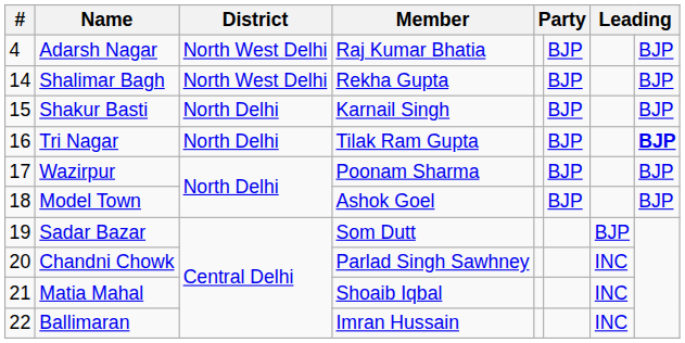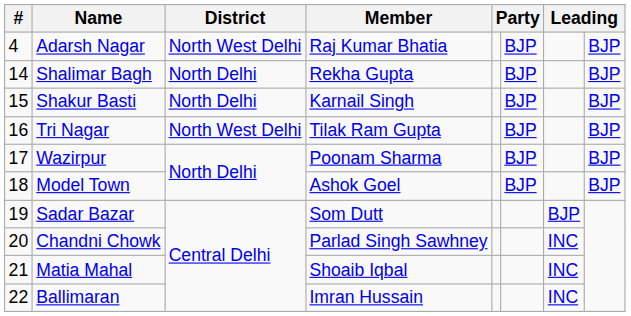 <table class="wikitable">
 <tr>
 <th>#</th>
 <th>Name</th>
 <th>District</th>
 <th>Member</th>
 <th colspan="2">Party</th>
 <th colspan="2">Leading<br></th>
 </tr>
 <tr>
 <td>4</td>
 <td><a href='#'>Adarsh Nagar</a></td>
 <td><a href='#'>North West Delhi</a></td>
 <td><a href='#'>Raj Kumar Bhatia</a></td>
 <td style="background-color:"></td>
 <td><a href='#'>BJP</a></td>
 <td style="background-color:"></td>
 <td><a href='#'>BJP</a></td>
 </tr>
 <tr>
 <td>14</td>
 <td><a href='#'>Shalimar Bagh</a></td>
-<td><a href='#'>North West Delhi</a></td>
+<td><a href='#'>North Delhi</a></td>
 <td><a href='#'>Rekha Gupta</a></td>
 <td style="background-color:"></td>
 <td><a href='#'>BJP</a></td>
 <td style="background-color:"></td>
 <td><a href='#'>BJP</a></td>
 </tr>
 <tr>
 <td>15</td>
 <td><a href='#'>Shakur Basti</a></td>
 <td><a href='#'>North Delhi</a></td>
 <td><a href='#'>Karnail Singh</a></td>
 <td style="background-color:"></td>
 <td><a href='#'>BJP</a></td>
 <td style="background-color:"></td>
 <td><a href='#'>BJP</a></td>
 </tr>
 <tr>
 <td>16</td>
 <td><a href='#'>Tri Nagar</a></td>
-<td><a href='#'>North Delhi</a></td>
+<td><a href='#'>North West Delhi</a></td>
 <td><a href='#'>Tilak Ram Gupta</a></td>
 <td style="background-color:"></td>
 <td><a href='#'>BJP</a></td>
 <td style="background-color:"></td>
-<td><strong><a href='#'>BJP</a></strong></td>
+<td><a href='#'>BJP</a></td>
 </tr>
 <tr>
 <td>17</td>
 <td><a href='#'>Wazirpur</a></td>
 <td rowspan="2"><a href='#'>North Delhi</a></td>
 <td><a href='#'>Poonam Sharma</a></td>
 <td style="background-color:"></td>
 <td><a href='#'>BJP</a></td>
 <td style="background-color:"></td>
 <td><a href='#'>BJP</a></td>
 </tr>
 <tr>
 <td>18</td>
 <td><a href='#'>Model Town</a></td>
 <td><a href='#'>Ashok Goel</a></td>
 <td style="background-color:"></td>
 <td><a href='#'>BJP</a></td>
 <td style="background-color:"></td>
 <td><a href='#'>BJP</a></td>
 </tr>
 <tr>
 <td>19</td>
 <td><a href='#'>Sadar Bazar</a></td>
 <td rowspan="4"><a href='#'>Central Delhi</a></td>
 <td><a href='#'>Som Dutt</a></td>
 <td></td>
 <td style="background-color:"></td>
 <td><a href='#'>BJP</a></td>
 </tr>
 <tr>
 <td>20</td>
 <td><a href='#'>Chandni Chowk</a></td>
 <td><a href='#'>Parlad Singh Sawhney</a></td>
 <td></td>
 <td style="background-color:"></td>
 <td><a href='#'>INC</a></td>
 </tr>
 <tr>
 <td>21</td>
 <td><a href='#'>Matia Mahal</a></td>
 <td><a href='#'>Shoaib Iqbal</a></td>
 <td></td>
 <td style="background-color:"></td>
 <td><a href='#'>INC</a></td>
 </tr>
 <tr>
 <td>22</td>
 <td><a href='#'>Ballimaran</a></td>
 <td><a href='#'>Imran Hussain</a></td>
 <td></td>
 <td style="background-color:"></td>
 <td><a href='#'>INC</a></td>
 </tr>
 </table>
